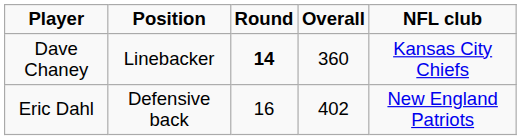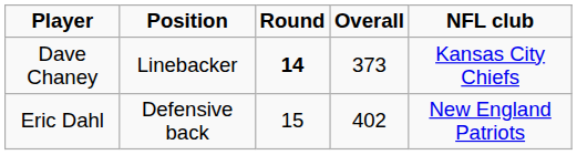 <table class="wikitable" style="width:50%;">
 <tr align="center">
 <td><strong>Player</strong></td>
 <td><strong>Position</strong></td>
 <td><strong>Round</strong></td>
 <td><strong>Overall</strong></td>
 <td><strong>NFL club</strong><br></td>
 </tr>
 <tr align="center" bgcolor="">
 <td>Dave Chaney</td>
 <td>Linebacker</td>
 <td><strong>14</strong></td>
-<td>360</td>
+<td>373</td>
 <td><a href='#'>Kansas City Chiefs</a></td>
 </tr>
 <tr align="center" bgcolor="">
 <td>Eric Dahl</td>
 <td>Defensive back</td>
-<td>16</td>
+<td>15</td>
 <td>402</td>
 <td><a href='#'>New England Patriots</a></td>
 </tr>
 </table>
